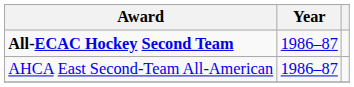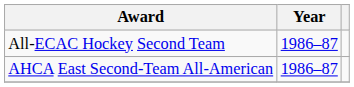 <table class="wikitable">
 <tr>
 <th>Award</th>
 <th>Year</th>
 <th></th>
 </tr>
 <tr>
-<td><strong>All-<a href='#'>ECAC Hockey</a> <a href='#'>Second Team</a></strong></td>
+<td>All-<a href='#'>ECAC Hockey</a> <a href='#'>Second Team</a></td>
 <td><a href='#'>1986–87</a></td>
 <td></td>
 </tr>
 <tr>
 <td><a href='#'>AHCA</a> <a href='#'>East Second-Team All-American</a></td>
 <td><a href='#'>1986–87</a></td>
 <td></td>
 </tr>
 <tr>
 </tr>
 </table>
